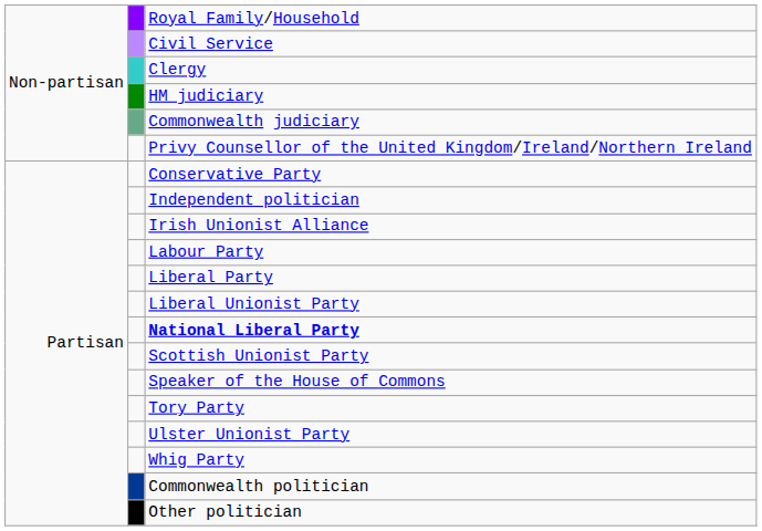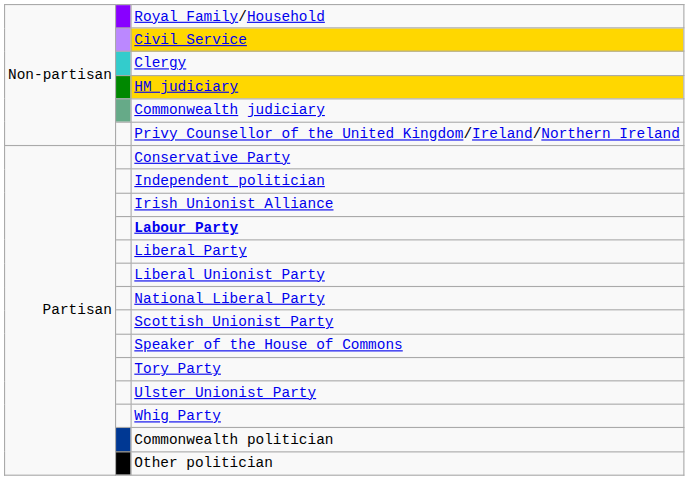 <table class="sortable wikitable">
 <tr>
 <td rowspan=6 align=right>Non-partisan</td>
 <td style="background-color:#8800FF"> </td>
 <td><a href='#'>Royal Family</a>/<a href='#'>Household</a></td>
 </tr>
 <tr>
 <td style="background-color:#BB88FF"> </td>
-<td><a href='#'>Civil Service</a></td>
+<td style="background: gold;"><a href='#'>Civil Service</a></td>
 </tr>
 <tr>
 <td style="background-color:#33CCCC"> </td>
 <td><a href='#'>Clergy</a></td>
 </tr>
 <tr>
 <td style="background-color:#008800"> </td>
-<td><a href='#'>HM judiciary</a></td>
+<td style="background: gold;"><a href='#'>HM judiciary</a></td>
 </tr>
 <tr>
 <td style="background-color:#66AA88"> </td>
 <td><a href='#'>Commonwealth</a> <a href='#'>judiciary</a></td>
 </tr>
 <tr>
 <td style="background: "> </td>
 <td><a href='#'>Privy Counsellor of the United Kingdom</a>/<a href='#'>Ireland</a>/<a href='#'>Northern Ireland</a></td>
 </tr>
 <tr>
 <td rowspan=14 align=right>Partisan</td>
 <td style="background-color:"> </td>
 <td><a href='#'>Conservative Party</a></td>
 </tr>
 <tr>
 <td style="background-color:"> </td>
 <td><a href='#'>Independent politician</a></td>
 </tr>
 <tr>
 <td style="background-color:"> </td>
 <td><a href='#'>Irish Unionist Alliance</a></td>
 </tr>
 <tr>
 <td style="background-color:"> </td>
-<td><a href='#'>Labour Party</a></td>
+<td><strong><a href='#'>Labour Party</a></strong></td>
 </tr>
 <tr>
 <td style="background-color:"> </td>
 <td><a href='#'>Liberal Party</a></td>
 </tr>
 <tr>
 <td style="background-color:"> </td>
 <td><a href='#'>Liberal Unionist Party</a></td>
 </tr>
 <tr>
 <td style="background-color:"> </td>
-<td><strong><a href='#'>National Liberal Party</a></strong></td>
+<td><a href='#'>National Liberal Party</a></td>
 </tr>
 <tr>
 <td style="background-color:"> </td>
 <td><a href='#'>Scottish Unionist Party</a></td>
 </tr>
 <tr>
 <td style="background-color:"> </td>
 <td><a href='#'>Speaker of the House of Commons</a></td>
 </tr>
 <tr>
 <td style="background-color:"> </td>
 <td><a href='#'>Tory Party</a></td>
 </tr>
 <tr>
 <td style="background-color:"> </td>
 <td><a href='#'>Ulster Unionist Party</a></td>
 </tr>
 <tr>
 <td style="background-color:"> </td>
 <td><a href='#'>Whig Party</a></td>
 </tr>
 <tr>
 <td style="background-color:#003893"> </td>
 <td>Commonwealth politician</td>
 </tr>
 <tr>
 <td style="background-color:#000000"> </td>
 <td>Other politician</td>
 </tr>
 </table>
